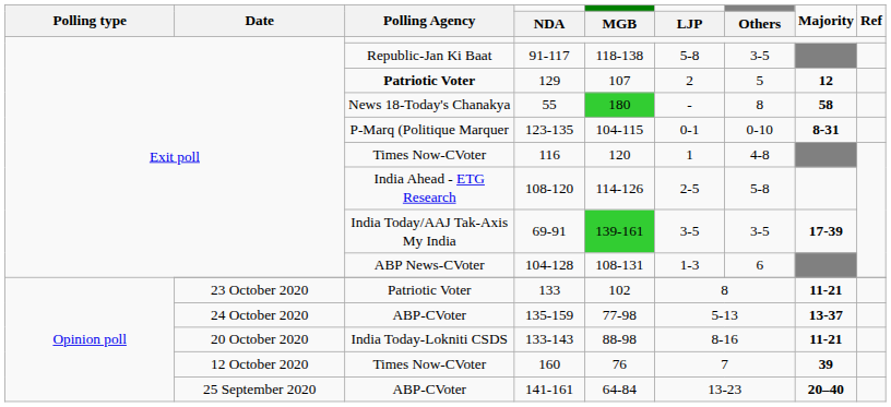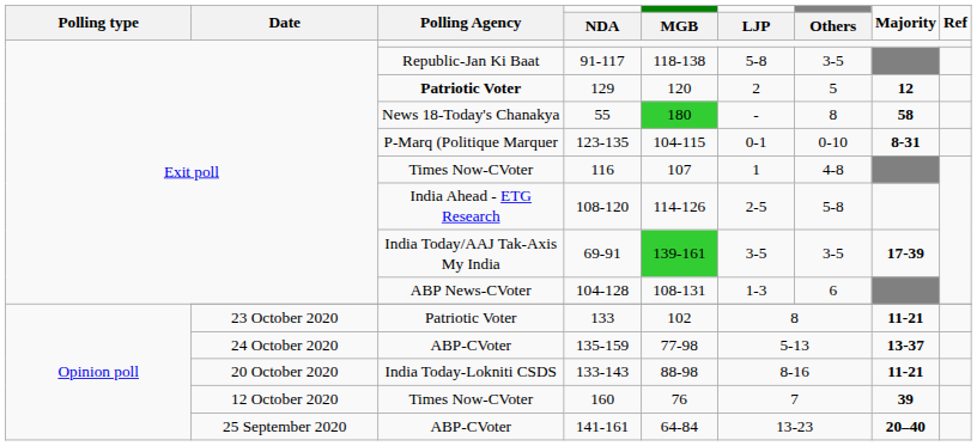 <table class="wikitable sortable" style="text-align:center;line-height:20px;">
 <tr>
 <th rowspan="2" class="wikitable" style="width:180px;">Polling type</th>
 <th rowspan="2" class="wikitable" style="width:180px;">Date</th>
 <th rowspan="2" class="wikitable" style="width:180px;">Polling Agency</th>
 <td></td>
 <td bgcolor=#008000></td>
 <td></td>
 <td style="background:gray;"></td>
 <td rowspan="2"><strong>Majority</strong></td>
 <td rowspan="2"><strong>Ref</strong></td>
 </tr>
 <tr>
 <th class="wikitable" style="width:70px;">NDA</th>
 <th class="wikitable" style="width:70px;">MGB</th>
 <th class="wikitable" style="width:70px;">LJP</th>
 <th class="wikitable" style="width:70px;">Others</th>
 </tr>
 <tr>
 <td colspan="2" rowspan="9"><a href='#'>Exit poll</a></td>
 <td></td>
 </tr>
 <tr>
 <td>Republic-Jan Ki Baat</td>
 <td>91-117</td>
 <td>118-138</td>
 <td>5-8</td>
 <td>3-5</td>
 <td style="background: grey; color:white"></td>
 <td rowspan="1"></td>
 </tr>
 <tr>
 <td><strong>Patriotic Voter</strong></td>
 <td>129</td>
-<td>107</td>
+<td>120</td>
 <td>2</td>
 <td>5</td>
 <td style="background:"><span><strong>12 </strong></span></td>
 <td rowspan="1"></td>
 </tr>
 <tr>
 <td>News 18-Today's Chanakya</td>
 <td>55</td>
 <td style="background:#32cd32;">180</td>
 <td>-</td>
 <td>8</td>
 <td style="background:"><span><strong>58</strong></span></td>
 <td rowspan = "1"></td>
 </tr>
 <tr>
 <td>P-Marq (Politique Marquer</td>
 <td>123-135</td>
 <td>104-115</td>
 <td>0-1</td>
 <td>0-10</td>
 <td style="background:"><span><strong>8-31 </strong></span></td>
 <td rowspan="1"></td>
 </tr>
 <tr>
 <td>Times Now-CVoter</td>
 <td>116</td>
-<td>120</td>
+<td>107</td>
 <td>1</td>
 <td>4-8</td>
 <td style="background: grey; color:white"></td>
 <td rowspan="4"></td>
 </tr>
 <tr>
 <td>India Ahead - <a href='#'>ETG Research</a></td>
 <td>108-120</td>
 <td>114-126</td>
 <td>2-5</td>
 <td>5-8</td>
 <td></td>
 </tr>
 <tr>
 <td>India Today/AAJ Tak-Axis My India</td>
 <td>69-91</td>
 <td style="background:#32cd32;">139-161</td>
 <td>3-5</td>
 <td>3-5</td>
 <td style="background:"><span><strong>17-39 </strong></span></td>
 </tr>
 <tr>
 <td>ABP News-CVoter</td>
 <td>104-128</td>
 <td>108-131</td>
 <td>1-3</td>
 <td>6</td>
 <td style="background: grey; color:white"></td>
 </tr>
 <tr>
 <td rowspan="6"><a href='#'>Opinion poll</a></td>
 </tr>
 <tr>
 <td>23 October 2020</td>
 <td>Patriotic Voter</td>
 <td>133</td>
 <td>102</td>
 <td Colspan=2>8</td>
 <td style="background:"><span><strong>11-21</strong></span></td>
 <td></td>
 </tr>
 <tr>
 <td>24 October 2020</td>
 <td>ABP-CVoter</td>
 <td>135-159</td>
 <td>77-98</td>
 <td colspan="2">5-13</td>
 <td style="background:"><span><strong>13-37</strong></span></td>
 <td></td>
 </tr>
 <tr>
 <td>20 October 2020</td>
 <td>India Today-Lokniti CSDS</td>
 <td>133-143</td>
 <td>88-98</td>
 <td Colspan=2>8-16</td>
 <td style="background:"><span><strong>11-21</strong></span></td>
 <td></td>
 </tr>
 <tr>
 <td>12 October 2020</td>
 <td>Times Now-CVoter</td>
 <td>160</td>
 <td>76</td>
 <td Colspan=2>7</td>
 <td style="background:"><span><strong>39</strong></span></td>
 <td></td>
 </tr>
 <tr>
 <td>25 September 2020</td>
 <td>ABP-CVoter</td>
 <td>141-161</td>
 <td>64-84</td>
 <td Colspan=2>13-23</td>
 <td style="background:"><span><strong>20–40</strong></span></td>
 <td></td>
 </tr>
 </table>
